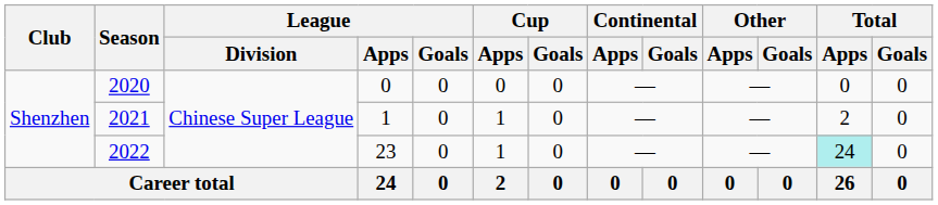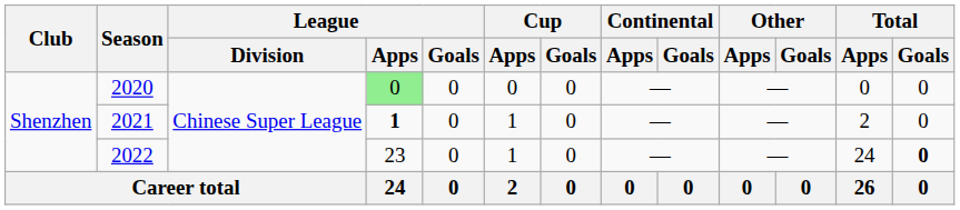 <table class="wikitable" style="text-align: center">
 <tr>
 <th rowspan="2">Club</th>
 <th rowspan="2">Season</th>
 <th colspan="3">League</th>
 <th colspan="2">Cup</th>
 <th colspan="2">Continental</th>
 <th colspan="2">Other</th>
 <th colspan="2">Total</th>
 </tr>
 <tr>
 <th>Division</th>
 <th>Apps</th>
 <th>Goals</th>
 <th>Apps</th>
 <th>Goals</th>
 <th>Apps</th>
 <th>Goals</th>
 <th>Apps</th>
 <th>Goals</th>
 <th>Apps</th>
 <th>Goals</th>
 </tr>
 <tr>
 <td rowspan="3"><a href='#'>Shenzhen</a></td>
 <td><a href='#'>2020</a></td>
 <td rowspan="3"><a href='#'>Chinese Super League</a></td>
-<td>0</td>
+<td style="background: lightgreen;">0</td>
 <td>0</td>
 <td>0</td>
 <td>0</td>
 <td colspan="2">—</td>
 <td colspan="2">—</td>
 <td>0</td>
 <td>0</td>
 </tr>
 <tr>
 <td><a href='#'>2021</a></td>
-<td>1</td>
+<td><strong>1</strong></td>
 <td>0</td>
 <td>1</td>
 <td>0</td>
 <td colspan="2">—</td>
 <td colspan="2">—</td>
 <td>2</td>
 <td>0</td>
 </tr>
 <tr>
 <td><a href='#'>2022</a></td>
 <td>23</td>
 <td>0</td>
 <td>1</td>
 <td>0</td>
 <td colspan="2">—</td>
 <td colspan="2">—</td>
-<td style="background: paleturquoise;">24</td>
-<td>0</td>
+<td>24</td>
+<td><strong>0</strong></td>
 </tr>
 <tr>
 <th colspan=3>Career total</th>
 <th>24</th>
 <th>0</th>
 <th>2</th>
 <th>0</th>
 <th>0</th>
 <th>0</th>
 <th>0</th>
 <th>0</th>
 <th>26</th>
 <th>0</th>
 </tr>
 </table>
